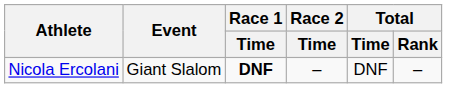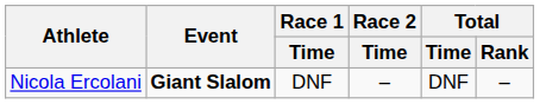 <table class="wikitable" style="font-size:90%">
 <tr>
 <th rowspan="2">Athlete</th>
 <th rowspan="2">Event</th>
 <th>Race 1</th>
 <th>Race 2</th>
 <th colspan="2">Total</th>
 </tr>
 <tr>
 <th>Time</th>
 <th>Time</th>
 <th>Time</th>
 <th>Rank</th>
 </tr>
 <tr>
 <td><a href='#'>Nicola Ercolani</a></td>
-<td>Giant Slalom</td>
-<td align="center"><strong>DNF</strong></td>
+<td><strong>Giant Slalom</strong></td>
+<td align="center">DNF</td>
 <td align="center">–</td>
 <td align="center">DNF</td>
 <td align="center">–</td>
 </tr>
 </table>
